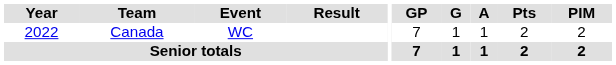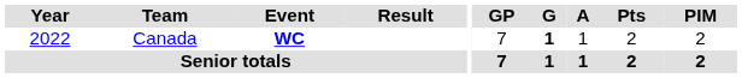 <table border="0" cellpadding="1" cellspacing="0" ID="Table3" style="text-align:center; width:40em">
 <tr ALIGN="center" bgcolor="#e0e0e0">
 <th>Year</th>
 <th>Team</th>
 <th>Event</th>
 <th>Result</th>
 <th rowspan="99" bgcolor="#ffffff"></th>
 <th>GP</th>
 <th>G</th>
 <th>A</th>
 <th>Pts</th>
 <th>PIM</th>
 </tr>
 <tr>
 <td><a href='#'>2022</a></td>
 <td><a href='#'>Canada</a></td>
-<td><a href='#'>WC</a></td>
+<td><strong><a href='#'>WC</a></strong></td>
 <td></td>
 <td>7</td>
-<td>1</td>
+<td><strong>1</strong></td>
 <td>1</td>
 <td>2</td>
 <td>2</td>
 </tr>
 <tr bgcolor="#e0e0e0">
 <th colspan="4">Senior totals</th>
 <th>7</th>
 <th>1</th>
 <th>1</th>
 <th>2</th>
 <th>2</th>
 </tr>
 </table>
